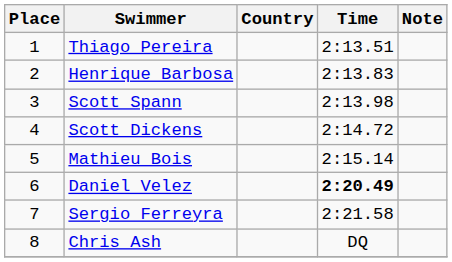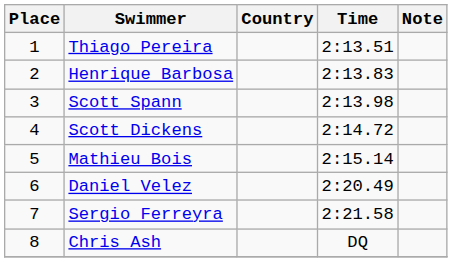 <table class="wikitable" style="text-align:center">
 <tr>
 <th>Place</th>
 <th>Swimmer</th>
 <th>Country</th>
 <th>Time</th>
 <th>Note</th>
 </tr>
 <tr>
 <td>1</td>
 <td align=left><a href='#'>Thiago Pereira</a></td>
 <td align=left></td>
 <td>2:13.51</td>
 <td></td>
 </tr>
 <tr>
 <td>2</td>
 <td align=left><a href='#'>Henrique Barbosa</a></td>
 <td align=left></td>
 <td>2:13.83</td>
 <td></td>
 </tr>
 <tr>
 <td>3</td>
 <td align=left><a href='#'>Scott Spann</a></td>
 <td align=left></td>
 <td>2:13.98</td>
 <td></td>
 </tr>
 <tr>
 <td>4</td>
 <td align=left><a href='#'>Scott Dickens</a></td>
 <td align=left></td>
 <td>2:14.72</td>
 <td></td>
 </tr>
 <tr>
 <td>5</td>
 <td align=left><a href='#'>Mathieu Bois</a></td>
 <td align=left></td>
 <td>2:15.14</td>
 <td></td>
 </tr>
 <tr>
 <td>6</td>
 <td align=left><a href='#'>Daniel Velez</a></td>
 <td align=left></td>
-<td><strong>2:20.49</strong></td>
+<td>2:20.49</td>
 <td></td>
 </tr>
 <tr>
 <td>7</td>
 <td align=left><a href='#'>Sergio Ferreyra</a></td>
 <td align=left></td>
 <td>2:21.58</td>
 <td></td>
 </tr>
 <tr>
 <td>8</td>
 <td align=left><a href='#'>Chris Ash</a></td>
 <td align=left></td>
 <td>DQ</td>
 <td></td>
 </tr>
 <tr>
 </tr>
 </table>
